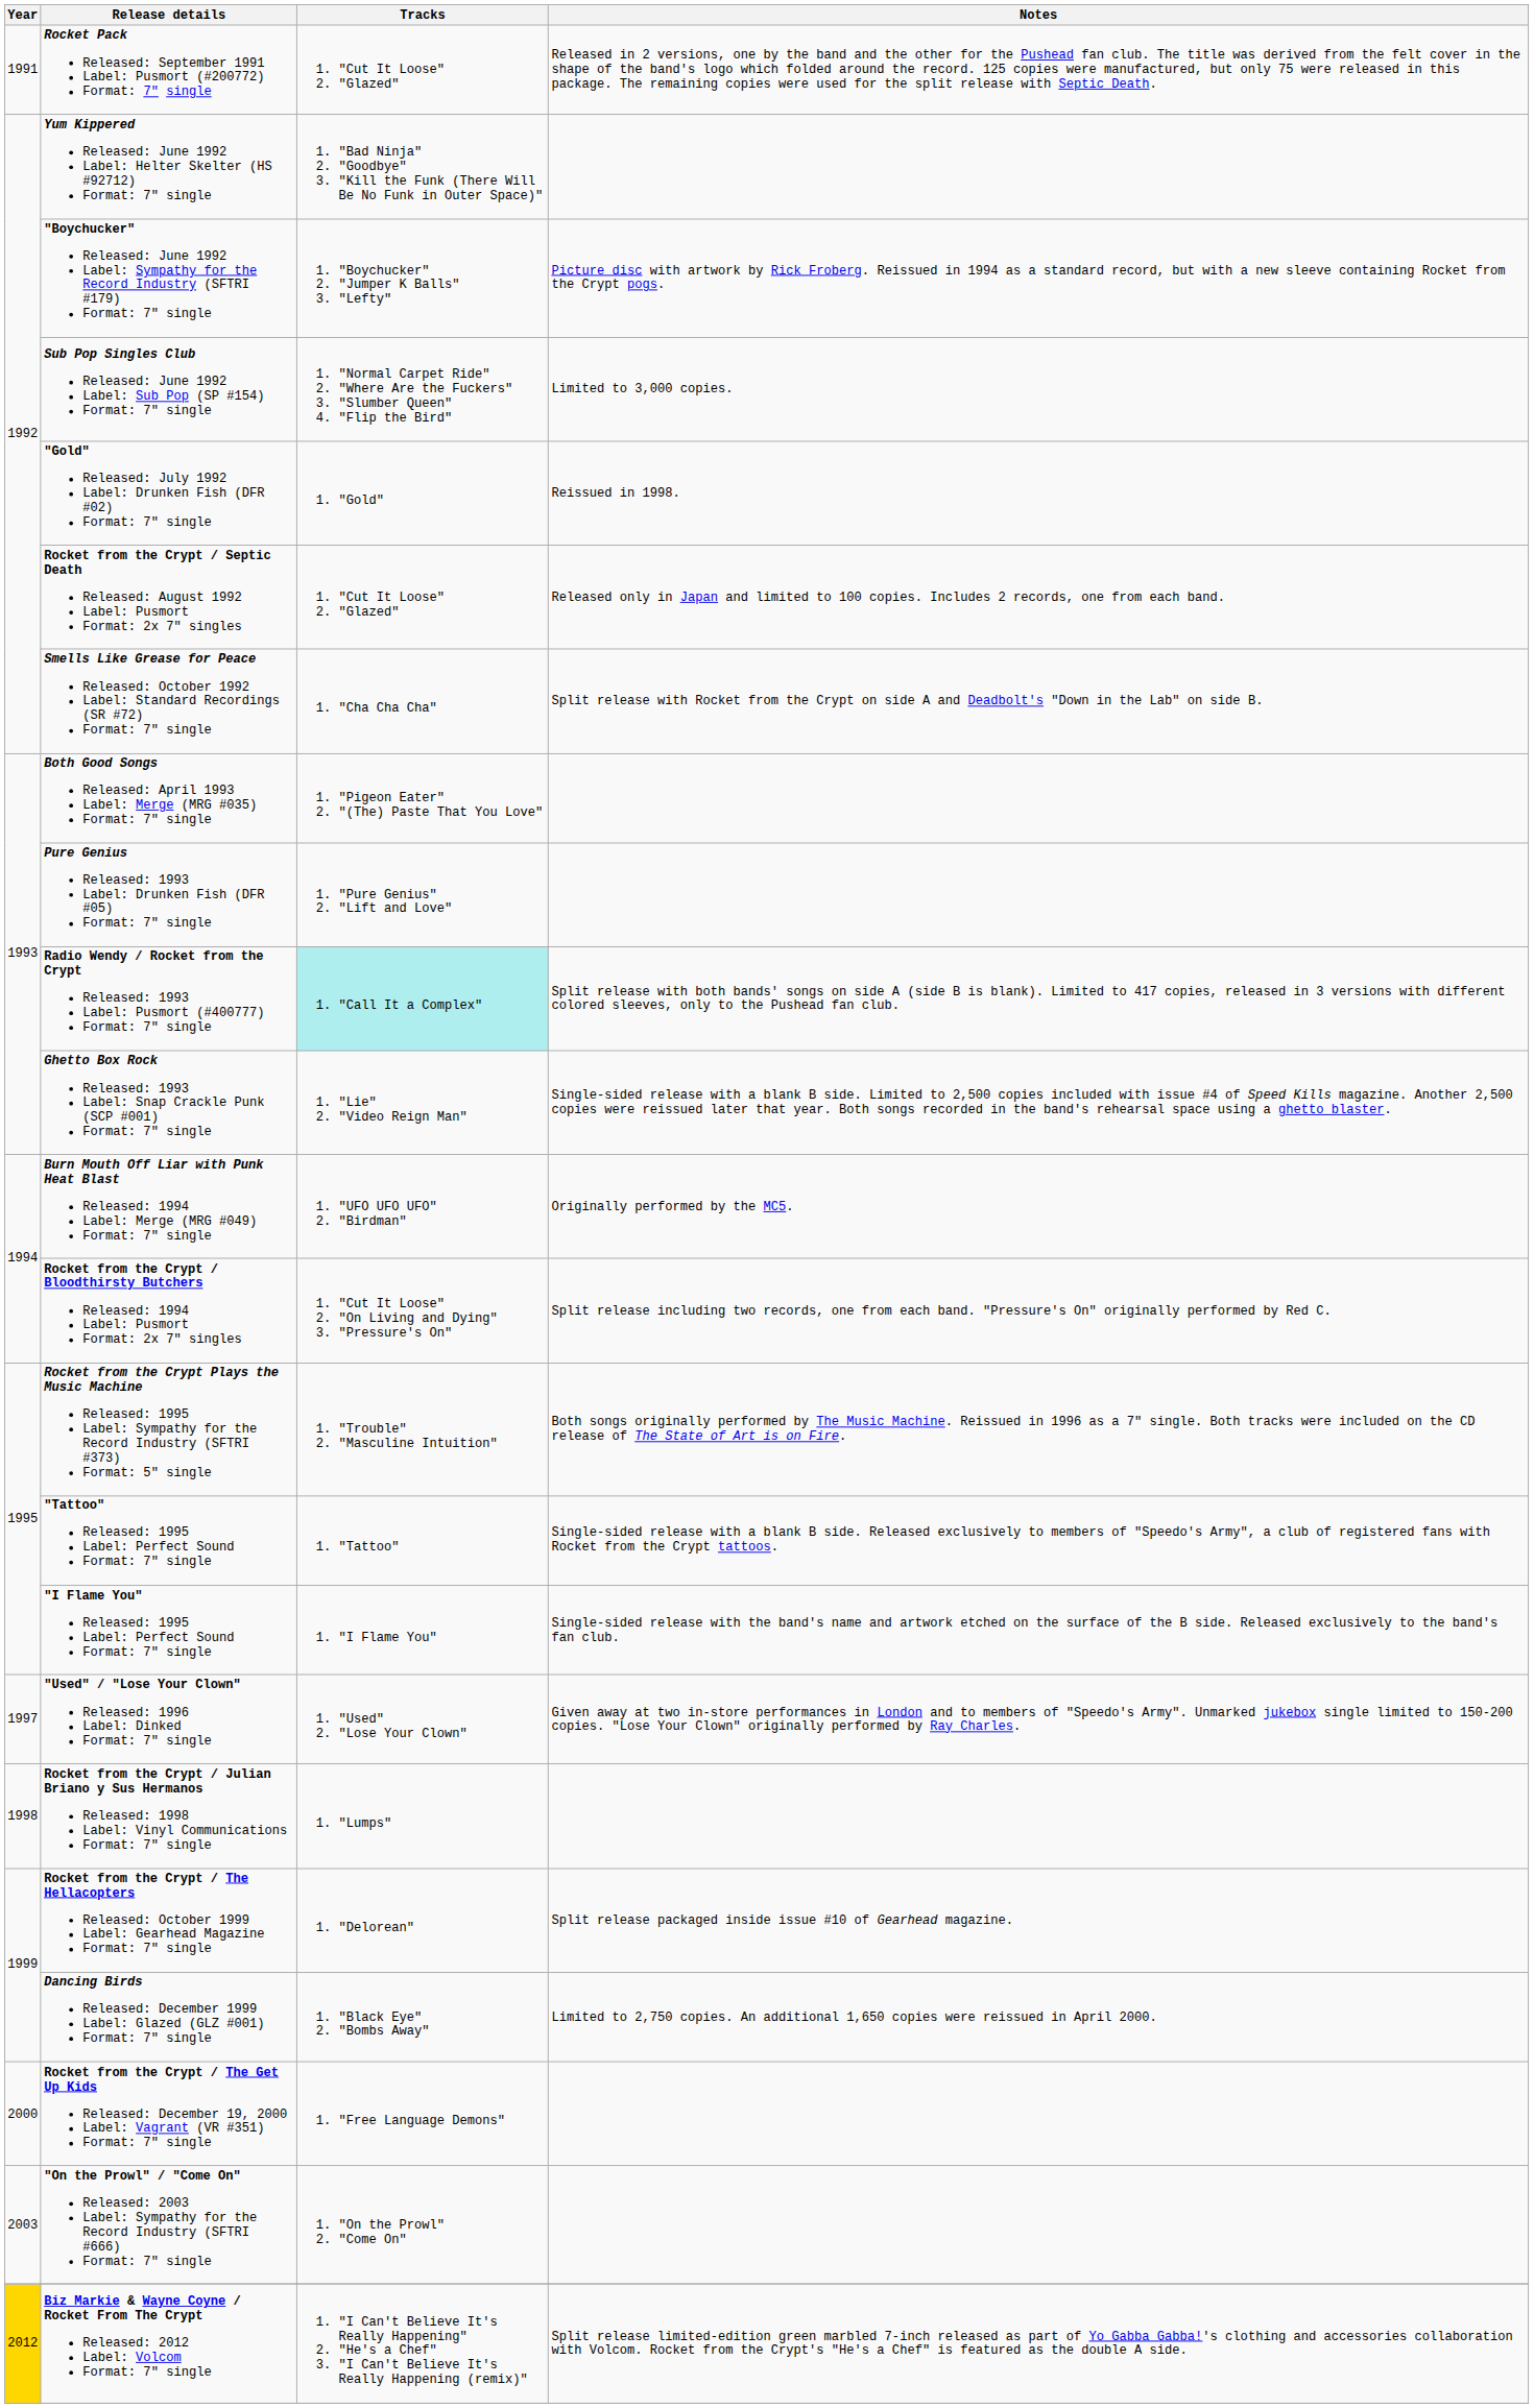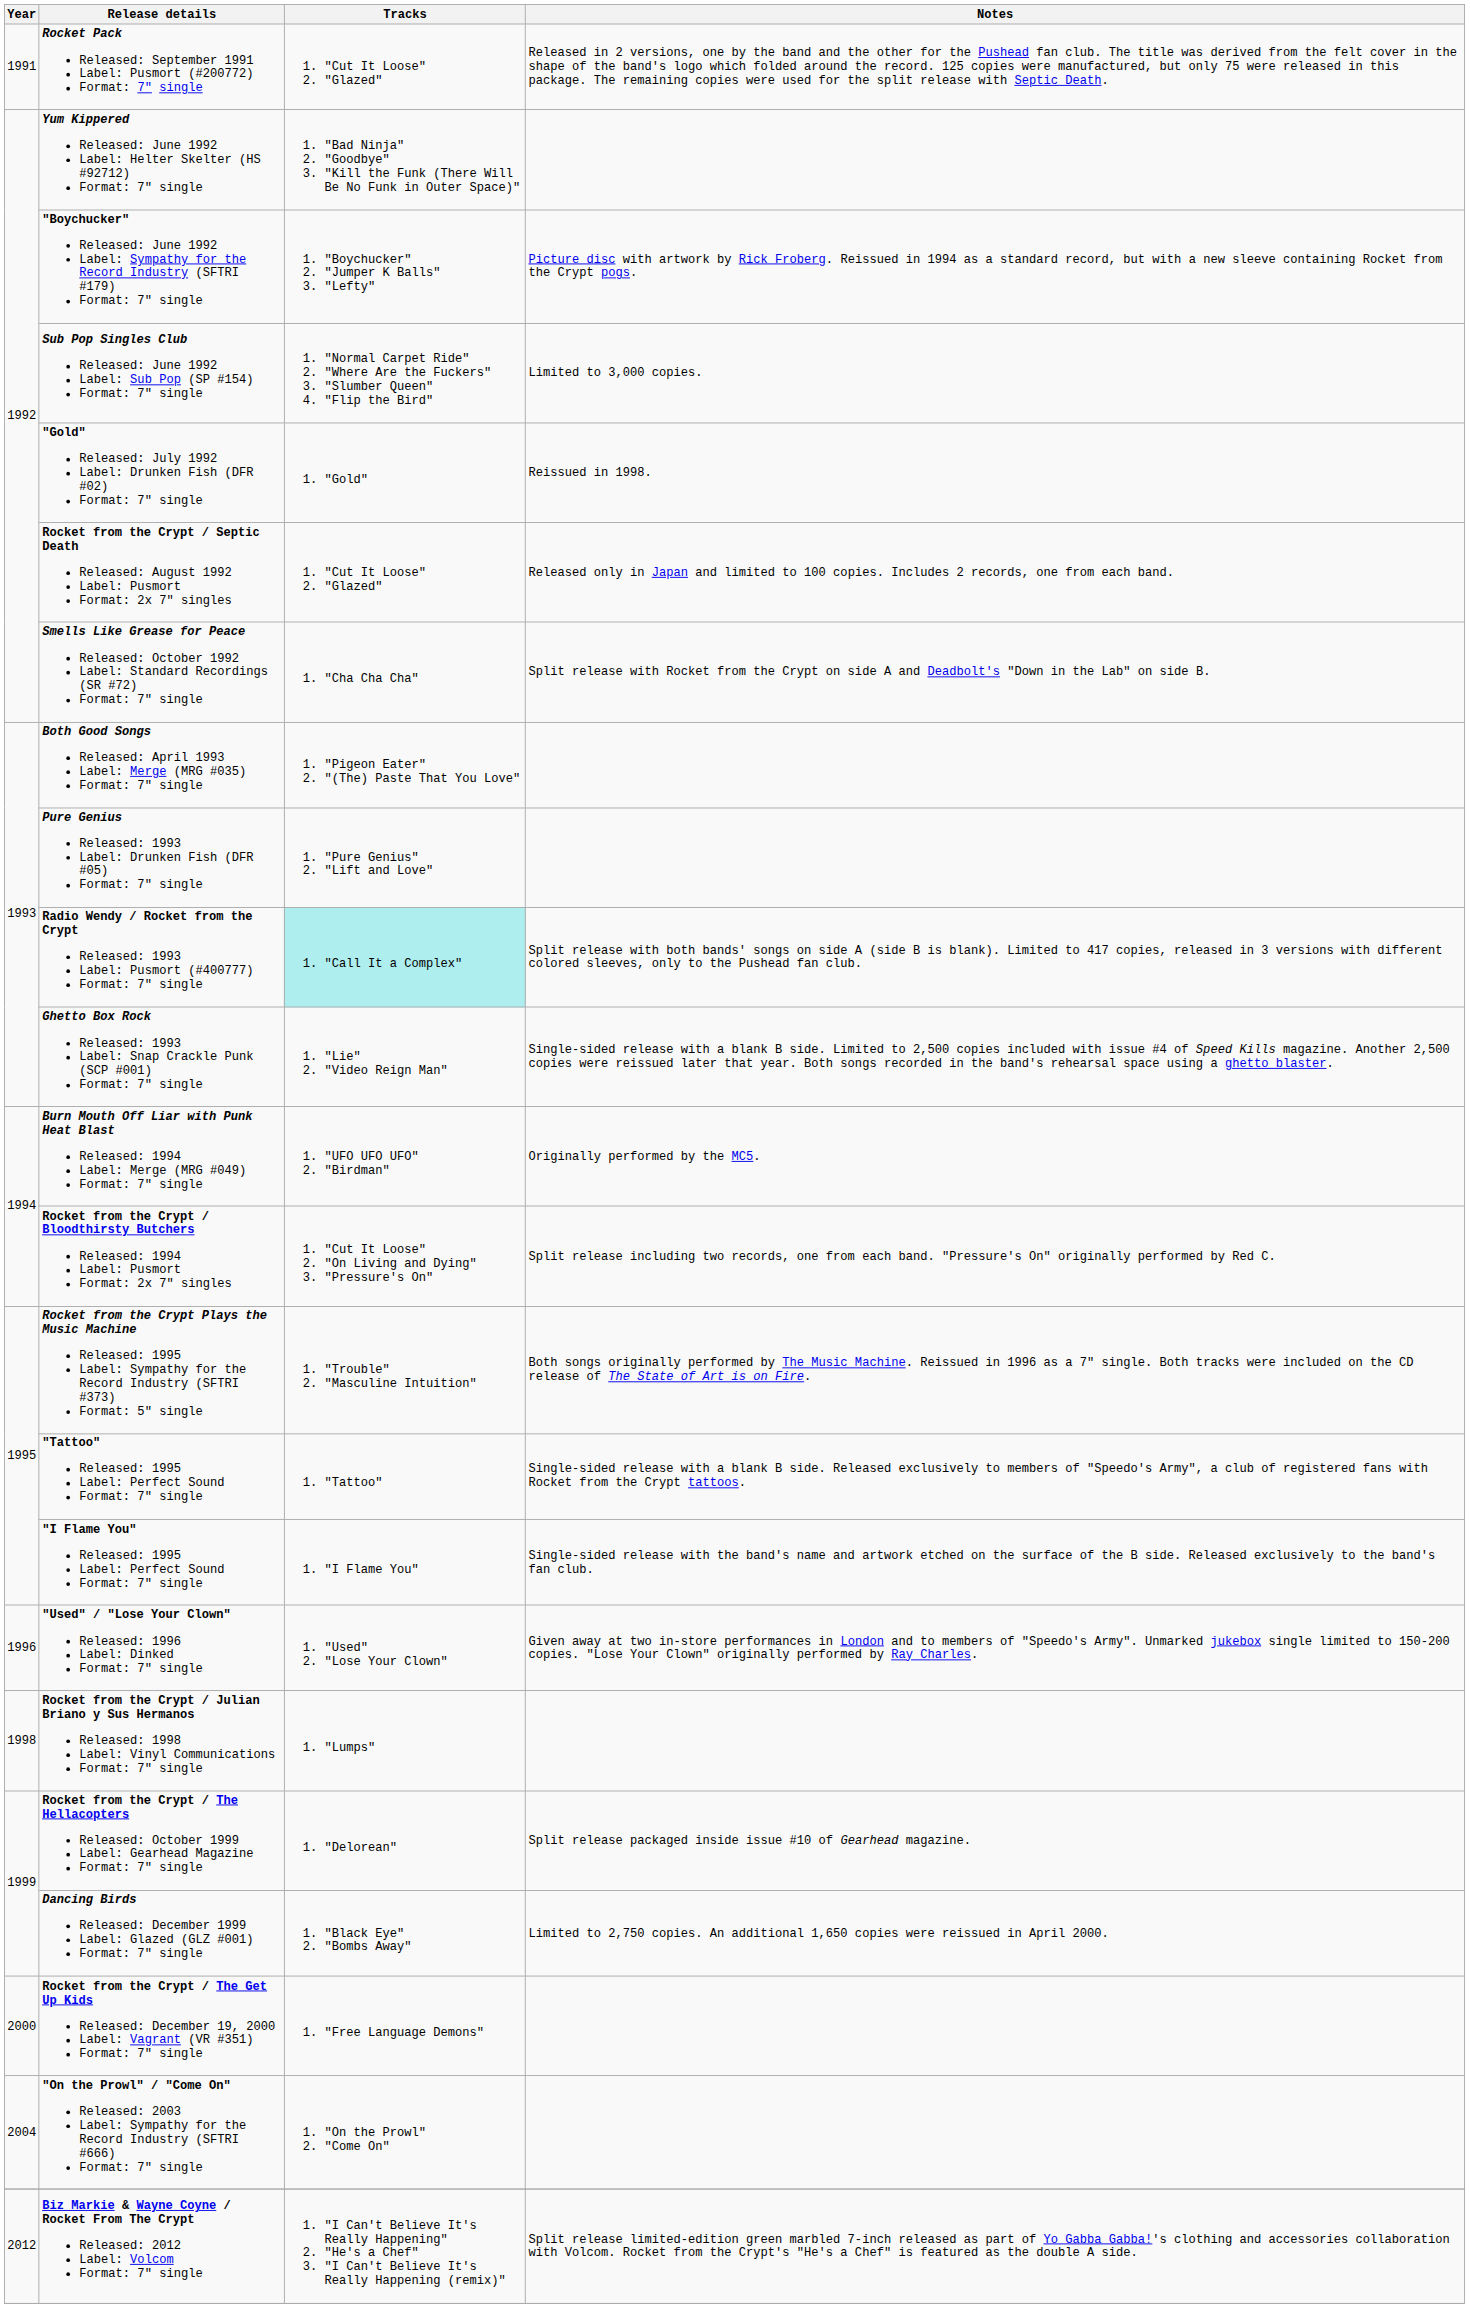 <table class ="wikitable">
 <tr>
 <th>Year</th>
 <th>Release details</th>
 <th>Tracks</th>
 <th>Notes</th>
 </tr>
 <tr>
 <td>1991</td>
 <td><strong><em>Rocket Pack</em></strong><br><ul><li>Released: September 1991</li><li>Label: Pusmort (#200772)</li><li>Format: <a href='#'>7"</a> <a href='#'>single</a></li></ul></td>
 <td><br><ol><li>"Cut It Loose"</li><li>"Glazed"</li></ol></td>
 <td>Released in 2 versions, one by the band and the other for the <a href='#'>Pushead</a> fan club. The title was derived from the felt cover in the shape of the band's logo which folded around the record. 125 copies were manufactured, but only 75 were released in this package. The remaining copies were used for the split release with <a href='#'>Septic Death</a>.</td>
 </tr>
 <tr>
 <td align="center" rowspan="6">1992</td>
 <td><strong><em>Yum Kippered</em></strong><br><ul><li>Released: June 1992</li><li>Label: Helter Skelter (HS #92712)</li><li>Format: 7" single</li></ul></td>
 <td><br><ol><li>"Bad Ninja"</li><li>"Goodbye"</li><li>"Kill the Funk (There Will Be No Funk in Outer Space)"</li></ol></td>
 <td></td>
 </tr>
 <tr>
 <td><strong>"Boychucker"</strong><br><ul><li>Released: June 1992</li><li>Label: <a href='#'>Sympathy for the Record Industry</a> (SFTRI #179)</li><li>Format: 7" single</li></ul></td>
 <td><br><ol><li>"Boychucker"</li><li>"Jumper K Balls"</li><li>"Lefty"</li></ol></td>
 <td><a href='#'>Picture disc</a> with artwork by <a href='#'>Rick Froberg</a>. Reissued in 1994 as a standard record, but with a new sleeve containing Rocket from the Crypt <a href='#'>pogs</a>.</td>
 </tr>
 <tr>
 <td><strong><em>Sub Pop Singles Club</em></strong><br><ul><li>Released: June 1992</li><li>Label: <a href='#'>Sub Pop</a> (SP #154)</li><li>Format: 7" single</li></ul></td>
 <td><br><ol><li>"Normal Carpet Ride"</li><li>"Where Are the Fuckers"</li><li>"Slumber Queen"</li><li>"Flip the Bird"</li></ol></td>
 <td>Limited to 3,000 copies.</td>
 </tr>
 <tr>
 <td><strong>"Gold"</strong><br><ul><li>Released: July 1992</li><li>Label: Drunken Fish (DFR #02)</li><li>Format: 7" single</li></ul></td>
 <td><br><ol><li>"Gold"</li></ol></td>
 <td>Reissued in 1998.</td>
 </tr>
 <tr>
 <td><strong>Rocket from the Crypt / Septic Death</strong><br><ul><li>Released: August 1992</li><li>Label: Pusmort</li><li>Format: 2x 7" singles</li></ul></td>
 <td><br><ol><li>"Cut It Loose"</li><li>"Glazed"</li></ol></td>
 <td>Released only in <a href='#'>Japan</a> and limited to 100 copies. Includes 2 records, one from each band.</td>
 </tr>
 <tr>
 <td><strong><em>Smells Like Grease for Peace</em></strong><br><ul><li>Released: October 1992</li><li>Label: Standard Recordings (SR #72)</li><li>Format: 7" single</li></ul></td>
 <td><br><ol><li>"Cha Cha Cha"</li></ol></td>
 <td>Split release with Rocket from the Crypt on side A and <a href='#'>Deadbolt's</a> "Down in the Lab" on side B.</td>
 </tr>
 <tr>
 <td align="center" rowspan="4">1993</td>
 <td><strong><em>Both Good Songs</em></strong><br><ul><li>Released: April 1993</li><li>Label: <a href='#'>Merge</a> (MRG #035)</li><li>Format: 7" single</li></ul></td>
 <td><br><ol><li>"Pigeon Eater"</li><li>"(The) Paste That You Love"</li></ol></td>
 <td></td>
 </tr>
 <tr>
 <td><strong><em>Pure Genius</em></strong><br><ul><li>Released: 1993</li><li>Label: Drunken Fish (DFR #05)</li><li>Format: 7" single</li></ul></td>
 <td><br><ol><li>"Pure Genius"</li><li>"Lift and Love"</li></ol></td>
 <td></td>
 </tr>
 <tr>
 <td><strong>Radio Wendy / Rocket from the Crypt</strong><br><ul><li>Released: 1993</li><li>Label: Pusmort (#400777)</li><li>Format: 7" single</li></ul></td>
 <td style="background: paleturquoise;"><br><ol><li>"Call It a Complex"</li></ol></td>
 <td>Split release with both bands' songs on side A (side B is blank). Limited to 417 copies, released in 3 versions with different colored sleeves, only to the Pushead fan club.</td>
 </tr>
 <tr>
 <td><strong><em>Ghetto Box Rock</em></strong><br><ul><li>Released: 1993</li><li>Label: Snap Crackle Punk (SCP #001)</li><li>Format: 7" single</li></ul></td>
 <td><br><ol><li>"Lie"</li><li>"Video Reign Man"</li></ol></td>
 <td>Single-sided release with a blank B side. Limited to 2,500 copies included with issue #4 of <em>Speed Kills</em> magazine. Another 2,500 copies were reissued later that year. Both songs recorded in the band's rehearsal space using a <a href='#'>ghetto blaster</a>.</td>
 </tr>
 <tr>
 <td align="center" rowspan="2">1994</td>
 <td><strong><em>Burn Mouth Off Liar with Punk Heat Blast</em></strong><br><ul><li>Released: 1994</li><li>Label: Merge (MRG #049)</li><li>Format: 7" single</li></ul></td>
 <td><br><ol><li>"UFO UFO UFO"</li><li>"Birdman"</li></ol></td>
 <td>Originally performed by the <a href='#'>MC5</a>.</td>
 </tr>
 <tr>
 <td><strong>Rocket from the Crypt / <a href='#'>Bloodthirsty Butchers</a></strong><br><ul><li>Released: 1994</li><li>Label: Pusmort</li><li>Format: 2x 7" singles</li></ul></td>
 <td><br><ol><li>"Cut It Loose"</li><li>"On Living and Dying"</li><li>"Pressure's On"</li></ol></td>
 <td>Split release including two records, one from each band. "Pressure's On" originally performed by Red C.</td>
 </tr>
 <tr>
 <td align="center" rowspan="3">1995</td>
 <td><strong><em>Rocket from the Crypt Plays the Music Machine</em></strong><br><ul><li>Released: 1995</li><li>Label: Sympathy for the Record Industry (SFTRI #373)</li><li>Format: 5" single</li></ul></td>
 <td><br><ol><li>"Trouble"</li><li>"Masculine Intuition"</li></ol></td>
 <td>Both songs originally performed by <a href='#'>The Music Machine</a>. Reissued in 1996 as a 7" single. Both tracks were included on the CD release of <em><a href='#'>The State of Art is on Fire</a></em>.</td>
 </tr>
 <tr>
 <td><strong>"Tattoo"</strong><br><ul><li>Released: 1995</li><li>Label: Perfect Sound</li><li>Format: 7" single</li></ul></td>
 <td><br><ol><li>"Tattoo"</li></ol></td>
 <td>Single-sided release with a blank B side. Released exclusively to members of "Speedo's Army", a club of registered fans with Rocket from the Crypt <a href='#'>tattoos</a>.</td>
 </tr>
 <tr>
 <td><strong>"I Flame You"</strong><br><ul><li>Released: 1995</li><li>Label: Perfect Sound</li><li>Format: 7" single</li></ul></td>
 <td><br><ol><li>"I Flame You"</li></ol></td>
 <td>Single-sided release with the band's name and artwork etched on the surface of the B side. Released exclusively to the band's fan club.</td>
 </tr>
 <tr>
-<td>1997</td>
+<td>1996</td>
 <td><strong>"Used" / "Lose Your Clown"</strong><br><ul><li>Released: 1996</li><li>Label: Dinked</li><li>Format: 7" single</li></ul></td>
 <td><br><ol><li>"Used"</li><li>"Lose Your Clown"</li></ol></td>
 <td>Given away at two in-store performances in <a href='#'>London</a> and to members of "Speedo's Army". Unmarked <a href='#'>jukebox</a> single limited to 150-200 copies. "Lose Your Clown" originally performed by <a href='#'>Ray Charles</a>.</td>
 </tr>
 <tr>
 <td>1998</td>
 <td><strong>Rocket from the Crypt / Julian Briano y Sus Hermanos</strong><br><ul><li>Released: 1998</li><li>Label: Vinyl Communications</li><li>Format: 7" single</li></ul></td>
 <td><br><ol><li>"Lumps"</li></ol></td>
 <td></td>
 </tr>
 <tr>
 <td align="center" rowspan="2">1999</td>
 <td><strong>Rocket from the Crypt / <a href='#'>The Hellacopters</a></strong><br><ul><li>Released: October 1999</li><li>Label: Gearhead Magazine</li><li>Format: 7" single</li></ul></td>
 <td><br><ol><li>"Delorean"</li></ol></td>
 <td>Split release packaged inside issue #10 of <em>Gearhead</em> magazine.</td>
 </tr>
 <tr>
 <td><strong><em>Dancing Birds</em></strong><br><ul><li>Released: December 1999</li><li>Label: Glazed (GLZ #001)</li><li>Format: 7" single</li></ul></td>
 <td><br><ol><li>"Black Eye"</li><li>"Bombs Away"</li></ol></td>
 <td>Limited to 2,750 copies. An additional 1,650 copies were reissued in April 2000.</td>
 </tr>
 <tr>
 <td>2000</td>
 <td><strong>Rocket from the Crypt / <a href='#'>The Get Up Kids</a></strong><br><ul><li>Released: December 19, 2000</li><li>Label: <a href='#'>Vagrant</a> (VR #351)</li><li>Format: 7" single</li></ul></td>
 <td><br><ol><li>"Free Language Demons"</li></ol></td>
 <td></td>
 </tr>
 <tr>
-<td>2003</td>
+<td>2004</td>
 <td><strong>"On the Prowl" / "Come On"</strong><br><ul><li>Released: 2003</li><li>Label: Sympathy for the Record Industry (SFTRI #666)</li><li>Format: 7" single</li></ul></td>
 <td><br><ol><li>"On the Prowl"</li><li>"Come On"</li></ol></td>
 <td></td>
 </tr>
 <tr>
 </tr>
 <tr>
-<td style="background: gold;">2012</td>
+<td>2012</td>
 <td><strong><a href='#'>Biz Markie</a> & <a href='#'>Wayne Coyne</a> / Rocket From The Crypt</strong><br><ul><li>Released: 2012</li><li>Label: <a href='#'>Volcom</a></li><li>Format: 7" single</li></ul></td>
 <td><br><ol><li>"I Can't Believe It's Really Happening"</li><li>"He's a Chef"</li><li>"I Can't Believe It's Really Happening (remix)"</li></ol></td>
 <td>Split release limited-edition green marbled 7-inch released as part of <a href='#'>Yo Gabba Gabba!</a>'s clothing and accessories collaboration with Volcom. Rocket from the Crypt's "He's a Chef" is featured as the double A side.</td>
 </tr>
 <tr>
 </tr>
 </table>
